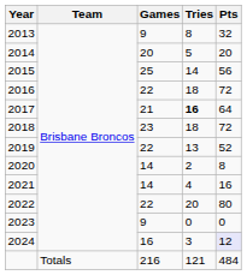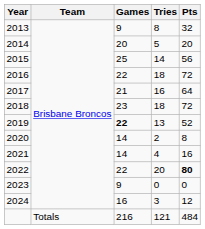 <table class="wikitable">
 <tr>
 <th>Year</th>
 <th>Team</th>
 <th>Games</th>
 <th>Tries</th>
 <th>Pts</th>
 </tr>
 <tr>
 <td>2013</td>
 <td rowspan="12"> <a href='#'>Brisbane Broncos</a></td>
 <td>9</td>
 <td>8</td>
 <td>32</td>
 </tr>
 <tr>
 <td>2014</td>
 <td>20</td>
 <td>5</td>
 <td>20</td>
 </tr>
 <tr>
 <td>2015</td>
 <td>25</td>
 <td>14</td>
 <td>56</td>
 </tr>
 <tr>
 <td>2016</td>
 <td>22</td>
 <td>18</td>
 <td>72</td>
 </tr>
 <tr>
 <td>2017</td>
 <td>21</td>
-<td><strong>16</strong></td>
+<td>16</td>
 <td>64</td>
 </tr>
 <tr>
 <td>2018</td>
 <td>23</td>
 <td>18</td>
 <td>72</td>
 </tr>
 <tr>
 <td>2019</td>
-<td>22</td>
+<td><strong>22</strong></td>
 <td>13</td>
 <td>52</td>
 </tr>
 <tr>
 <td>2020</td>
 <td>14</td>
 <td>2</td>
 <td>8</td>
 </tr>
 <tr>
 <td>2021</td>
 <td>14</td>
 <td>4</td>
 <td>16</td>
 </tr>
 <tr>
 <td>2022</td>
 <td>22</td>
 <td>20</td>
-<td>80</td>
+<td><strong>80</strong></td>
 </tr>
 <tr>
 <td>2023</td>
 <td>9</td>
 <td>0</td>
 <td>0</td>
 </tr>
 <tr>
 <td>2024</td>
 <td>16</td>
 <td>3</td>
-<td style="background: lavender;">12</td>
+<td>12</td>
 </tr>
 <tr>
 <td></td>
 <td>Totals</td>
 <td>216</td>
 <td>121</td>
 <td>484</td>
 </tr>
 </table>
